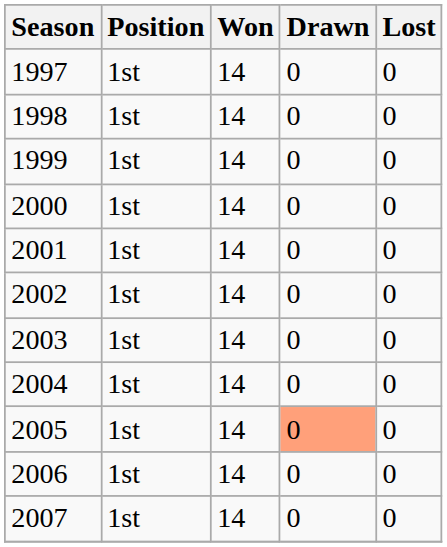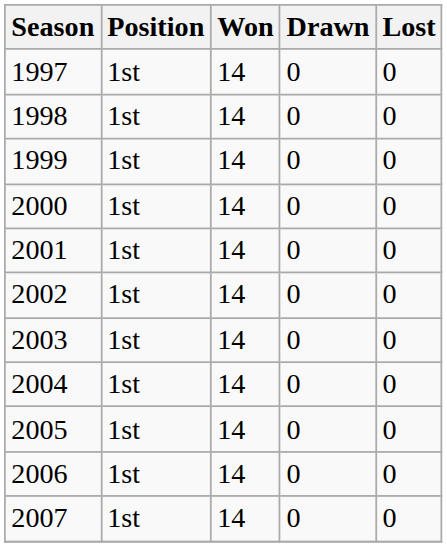 <table class="wikitable collapsible">
 <tr>
 <th>Season</th>
 <th>Position</th>
 <th>Won</th>
 <th>Drawn</th>
 <th>Lost</th>
 </tr>
 <tr>
 <td>1997</td>
 <td>1st</td>
 <td>14</td>
 <td>0</td>
 <td>0</td>
 </tr>
 <tr>
 <td>1998</td>
 <td>1st</td>
 <td>14</td>
 <td>0</td>
 <td>0</td>
 </tr>
 <tr>
 <td>1999</td>
 <td>1st</td>
 <td>14</td>
 <td>0</td>
 <td>0</td>
 </tr>
 <tr>
 <td>2000</td>
 <td>1st</td>
 <td>14</td>
 <td>0</td>
 <td>0</td>
 </tr>
 <tr>
 <td>2001</td>
 <td>1st</td>
 <td>14</td>
 <td>0</td>
 <td>0</td>
 </tr>
 <tr>
 <td>2002</td>
 <td>1st</td>
 <td>14</td>
 <td>0</td>
 <td>0</td>
 </tr>
 <tr>
 <td>2003</td>
 <td>1st</td>
 <td>14</td>
 <td>0</td>
 <td>0</td>
 </tr>
 <tr>
 <td>2004</td>
 <td>1st</td>
 <td>14</td>
 <td>0</td>
 <td>0</td>
 </tr>
 <tr>
 <td>2005</td>
 <td>1st</td>
 <td>14</td>
-<td style="background: lightsalmon;">0</td>
+<td>0</td>
 <td>0</td>
 </tr>
 <tr>
 <td>2006</td>
 <td>1st</td>
 <td>14</td>
 <td>0</td>
 <td>0</td>
 </tr>
 <tr>
 <td>2007</td>
 <td>1st</td>
 <td>14</td>
 <td>0</td>
 <td>0</td>
 </tr>
 <tr>
 </tr>
 </table>
